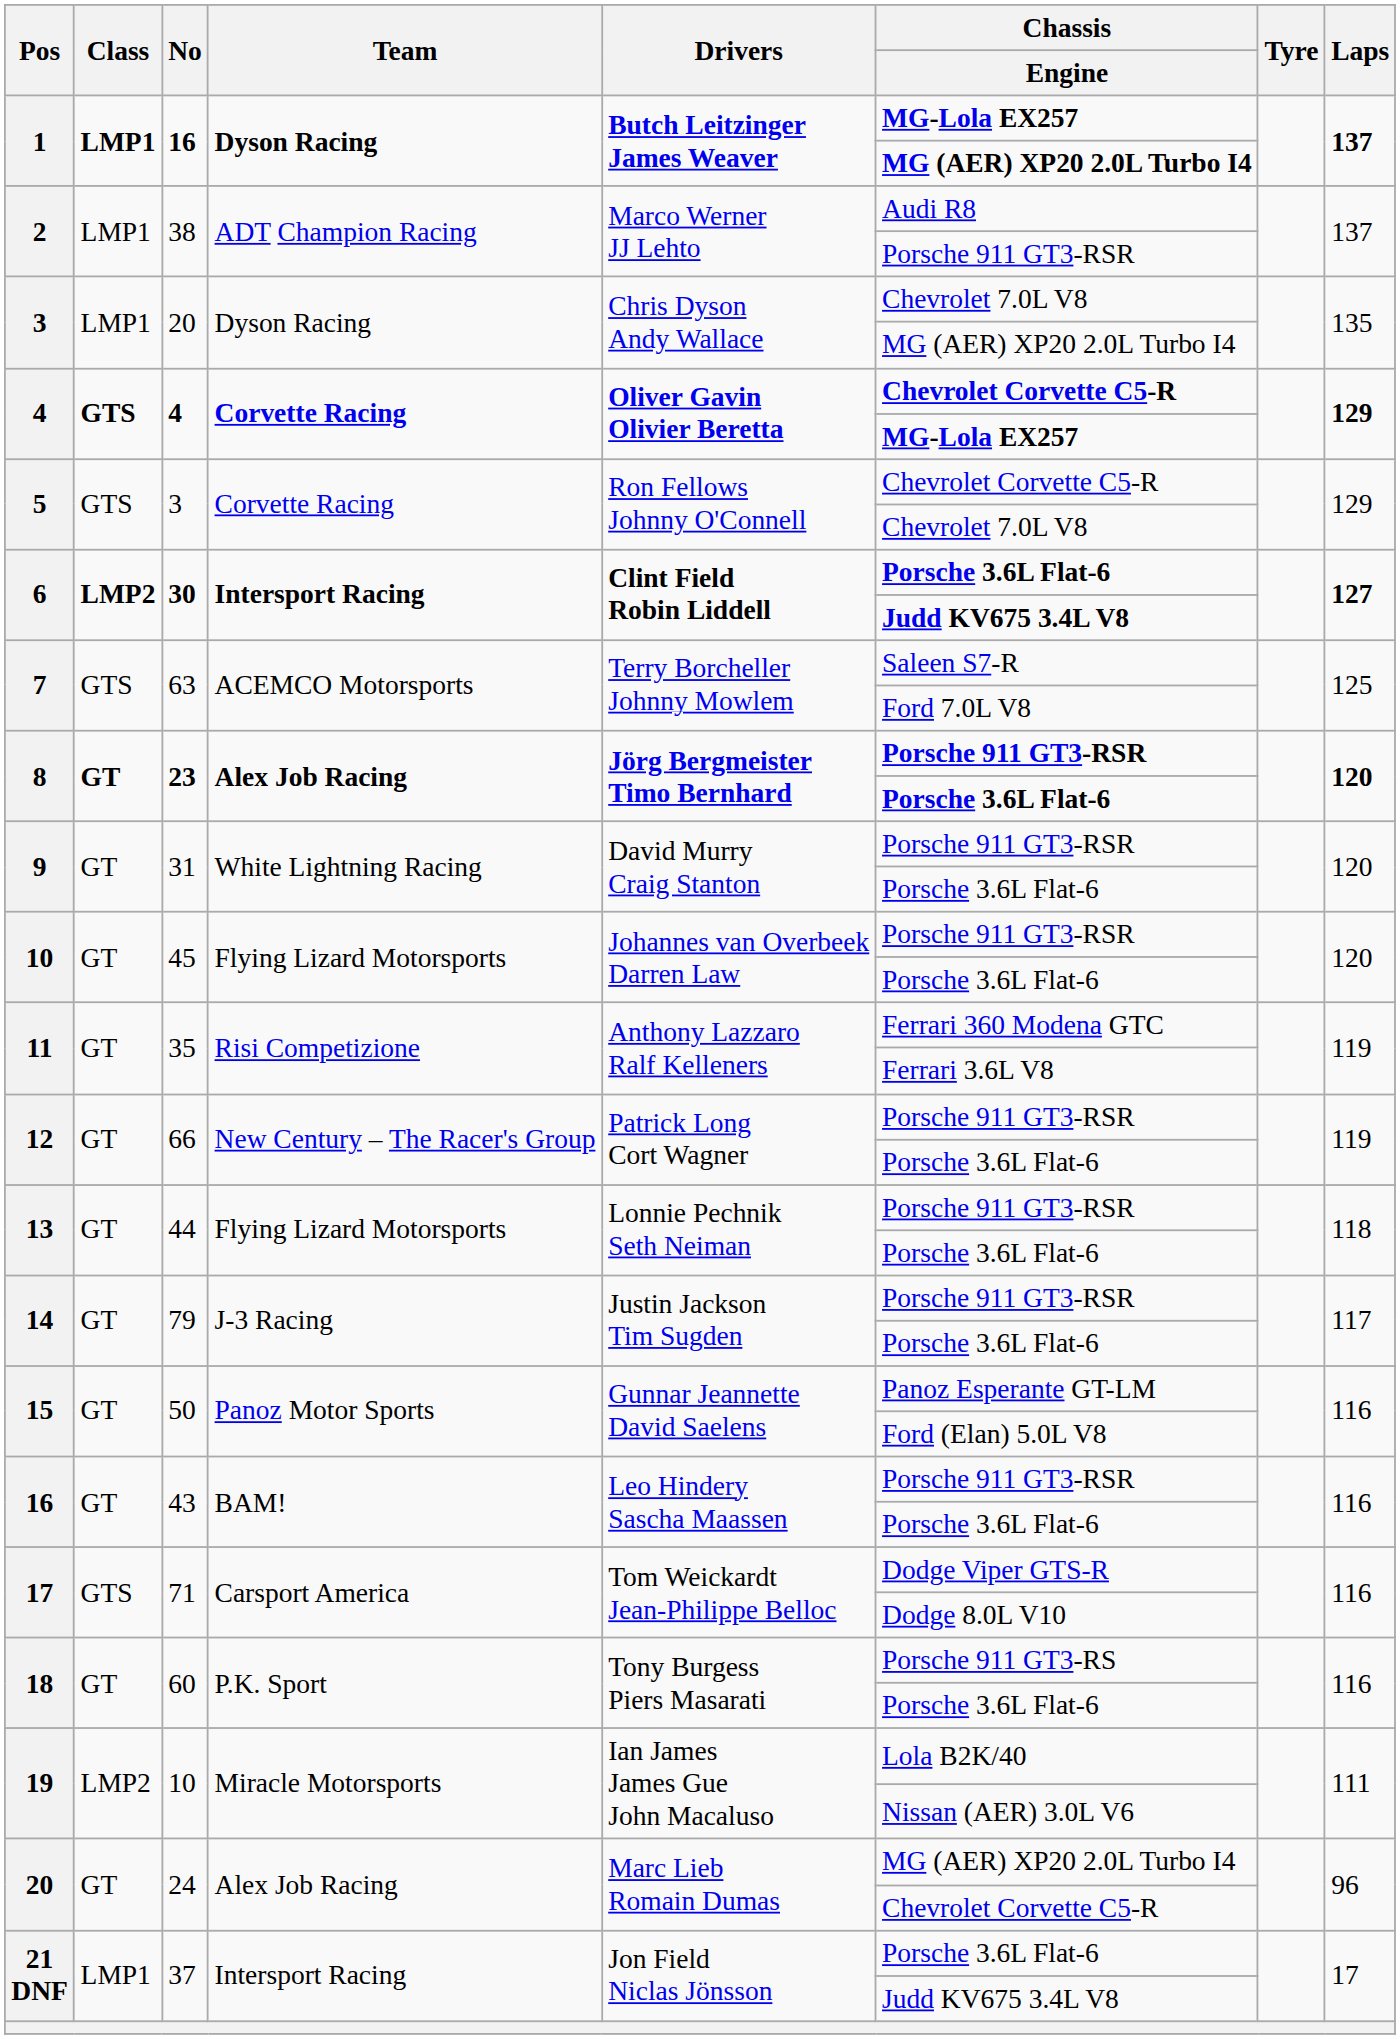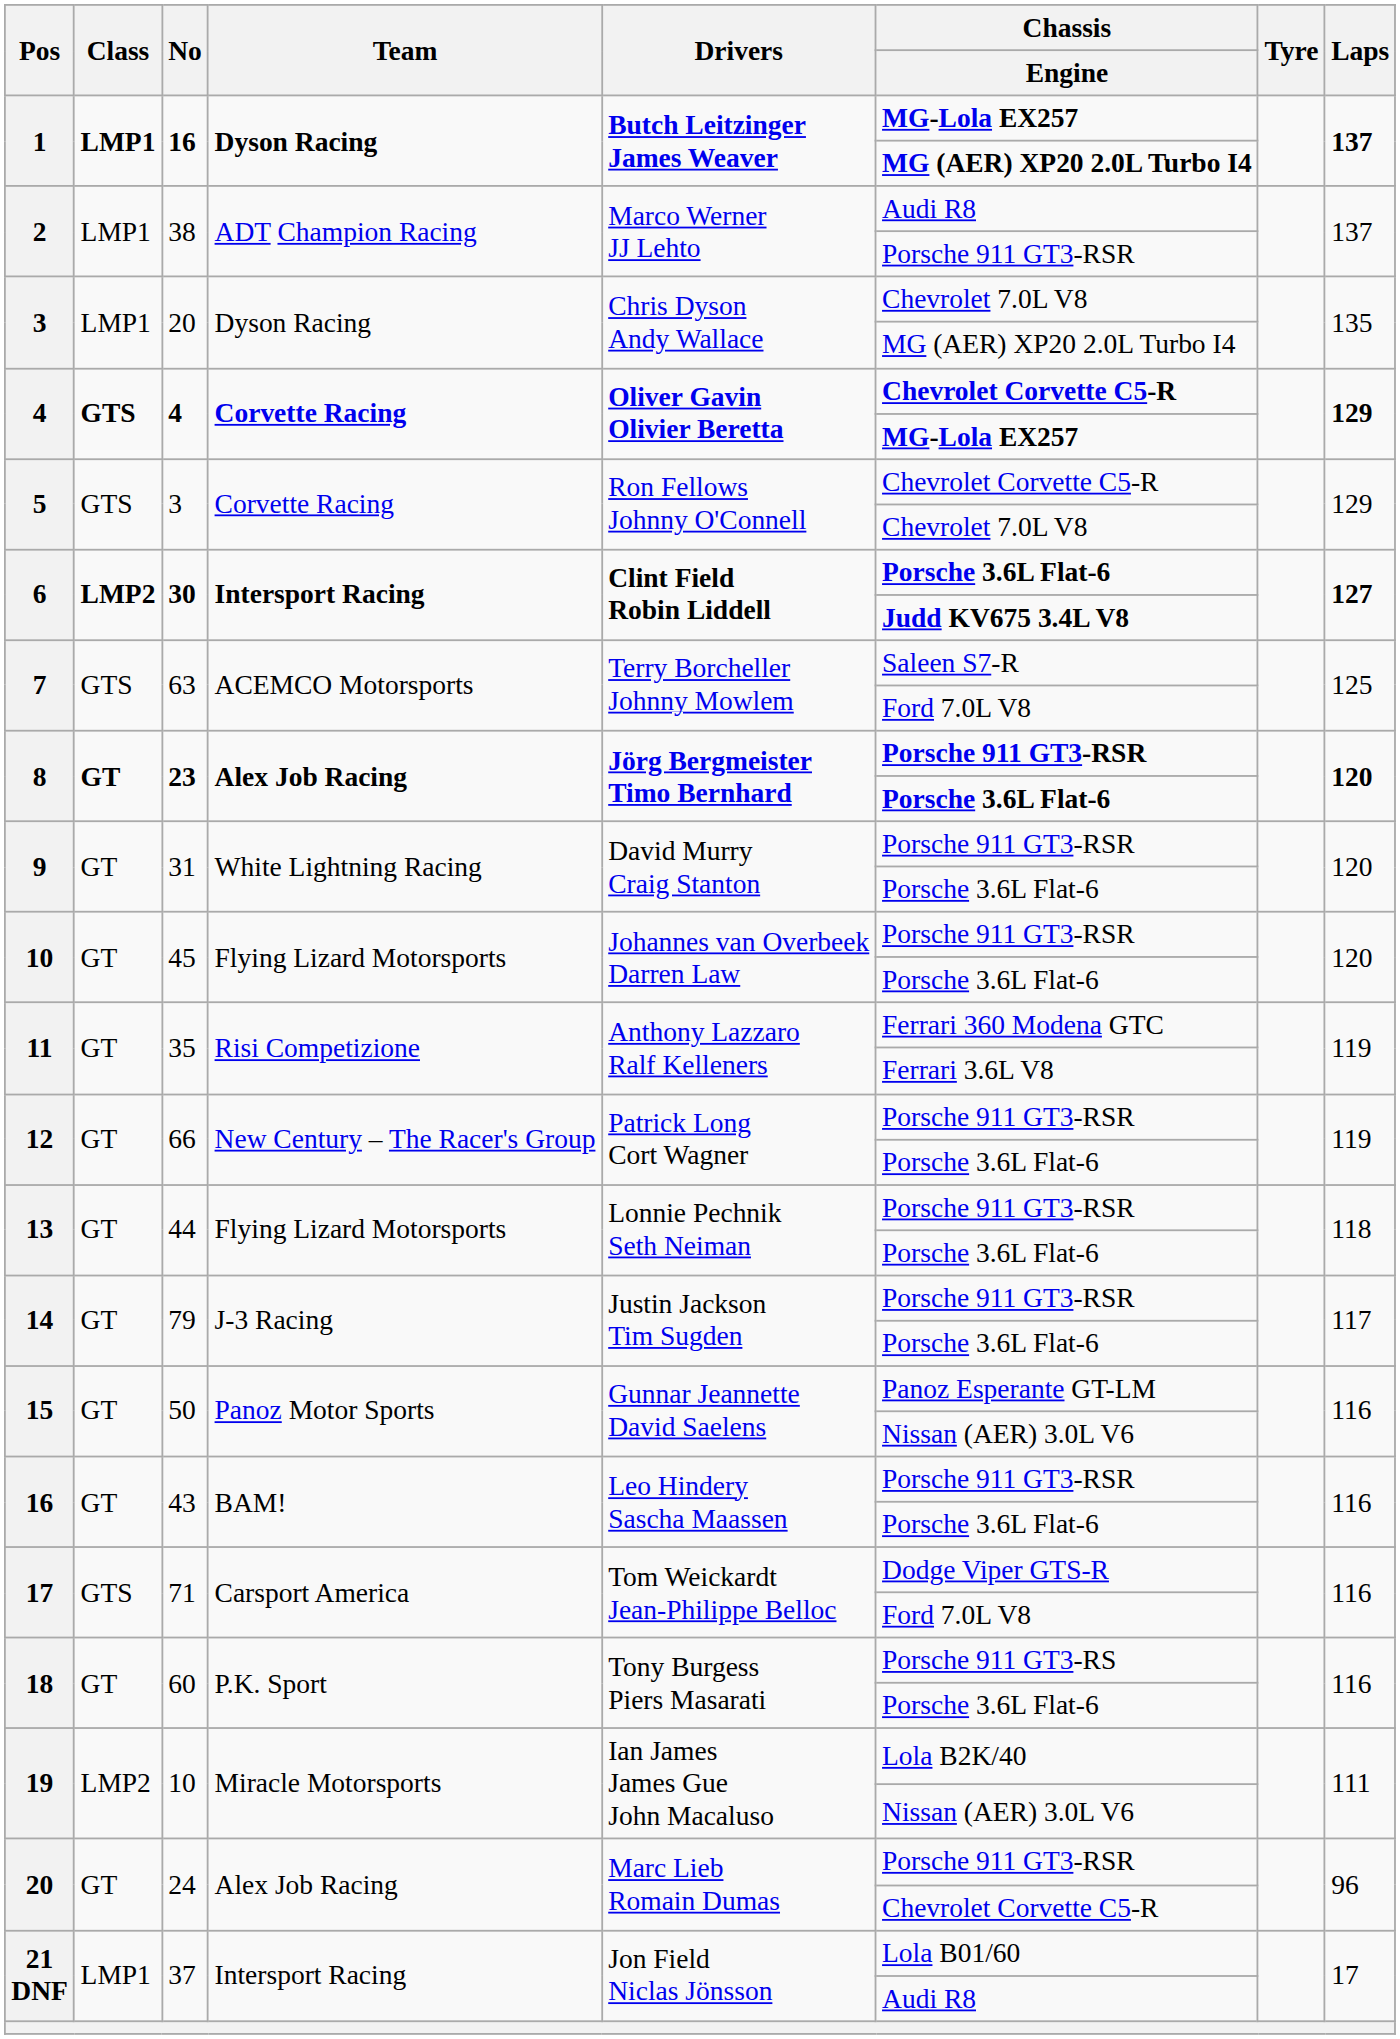 <table class="wikitable" style="font-size: 95%;">
 <tr>
 <th rowspan=2>Pos</th>
 <th rowspan=2>Class</th>
 <th rowspan=2>No</th>
 <th rowspan=2>Team</th>
 <th rowspan=2>Drivers</th>
 <th>Chassis</th>
 <th rowspan=2>Tyre</th>
 <th rowspan=2>Laps</th>
 </tr>
 <tr>
 <th>Engine</th>
 </tr>
 <tr style="font-weight:bold">
 <th rowspan=2>1</th>
 <td rowspan=2>LMP1</td>
 <td rowspan=2>16</td>
 <td rowspan=2> Dyson Racing</td>
 <td rowspan=2> <a href='#'>Butch Leitzinger</a><br> <a href='#'>James Weaver</a></td>
 <td><a href='#'>MG</a>-<a href='#'>Lola</a> EX257</td>
 <td rowspan=2></td>
 <td rowspan=2>137</td>
 </tr>
 <tr style="font-weight:bold">
 <td><a href='#'>MG</a> (AER) XP20 2.0L Turbo I4</td>
 </tr>
 <tr>
 <th rowspan=2>2</th>
 <td rowspan=2>LMP1</td>
 <td rowspan=2>38</td>
 <td rowspan=2> <a href='#'>ADT</a> <a href='#'>Champion Racing</a></td>
 <td rowspan=2> <a href='#'>Marco Werner</a><br> <a href='#'>JJ Lehto</a></td>
 <td><a href='#'>Audi R8</a></td>
 <td rowspan=2></td>
 <td rowspan=2>137</td>
 </tr>
 <tr>
 <td><a href='#'>Porsche 911 GT3</a>-RSR</td>
 </tr>
 <tr>
 <th rowspan=2>3</th>
 <td rowspan=2>LMP1</td>
 <td rowspan=2>20</td>
 <td rowspan=2> Dyson Racing</td>
 <td rowspan=2> <a href='#'>Chris Dyson</a><br> <a href='#'>Andy Wallace</a></td>
 <td><a href='#'>Chevrolet</a> 7.0L V8</td>
 <td rowspan=2></td>
 <td rowspan=2>135</td>
 </tr>
 <tr>
 <td><a href='#'>MG</a> (AER) XP20 2.0L Turbo I4</td>
 </tr>
 <tr style="font-weight:bold">
 <th rowspan=2>4</th>
 <td rowspan=2>GTS</td>
 <td rowspan=2>4</td>
 <td rowspan=2> <a href='#'>Corvette Racing</a></td>
 <td rowspan=2> <a href='#'>Oliver Gavin</a><br> <a href='#'>Olivier Beretta</a></td>
 <td><a href='#'>Chevrolet Corvette C5</a>-R</td>
 <td rowspan=2></td>
 <td rowspan=2>129</td>
 </tr>
 <tr style="font-weight:bold">
 <td><a href='#'>MG</a>-<a href='#'>Lola</a> EX257</td>
 </tr>
 <tr>
 <th rowspan=2>5</th>
 <td rowspan=2>GTS</td>
 <td rowspan=2>3</td>
 <td rowspan=2> <a href='#'>Corvette Racing</a></td>
 <td rowspan=2> <a href='#'>Ron Fellows</a><br> <a href='#'>Johnny O'Connell</a></td>
 <td><a href='#'>Chevrolet Corvette C5</a>-R</td>
 <td rowspan=2></td>
 <td rowspan=2>129</td>
 </tr>
 <tr>
 <td><a href='#'>Chevrolet</a> 7.0L V8</td>
 </tr>
 <tr style="font-weight:bold">
 <th rowspan=2>6</th>
 <td rowspan=2>LMP2</td>
 <td rowspan=2>30</td>
 <td rowspan=2> Intersport Racing</td>
 <td rowspan=2> Clint Field<br> Robin Liddell</td>
 <td><a href='#'>Porsche</a> 3.6L Flat-6</td>
 <td rowspan=2></td>
 <td rowspan=2>127</td>
 </tr>
 <tr style="font-weight:bold">
 <td><a href='#'>Judd</a> KV675 3.4L V8</td>
 </tr>
 <tr>
 <th rowspan=2>7</th>
 <td rowspan=2>GTS</td>
 <td rowspan=2>63</td>
 <td rowspan=2> ACEMCO Motorsports</td>
 <td rowspan=2> <a href='#'>Terry Borcheller</a><br> <a href='#'>Johnny Mowlem</a></td>
 <td><a href='#'>Saleen S7</a>-R</td>
 <td rowspan=2></td>
 <td rowspan=2>125</td>
 </tr>
 <tr>
 <td><a href='#'>Ford</a> 7.0L V8</td>
 </tr>
 <tr style="font-weight:bold">
 <th rowspan=2>8</th>
 <td rowspan=2>GT</td>
 <td rowspan=2>23</td>
 <td rowspan=2> Alex Job Racing</td>
 <td rowspan=2> <a href='#'>Jörg Bergmeister</a><br> <a href='#'>Timo Bernhard</a></td>
 <td><a href='#'>Porsche 911 GT3</a>-RSR</td>
 <td rowspan=2></td>
 <td rowspan=2>120</td>
 </tr>
 <tr style="font-weight:bold">
 <td><a href='#'>Porsche</a> 3.6L Flat-6</td>
 </tr>
 <tr>
 <th rowspan=2>9</th>
 <td rowspan=2>GT</td>
 <td rowspan=2>31</td>
 <td rowspan=2> White Lightning Racing</td>
 <td rowspan=2> David Murry<br> <a href='#'>Craig Stanton</a></td>
 <td><a href='#'>Porsche 911 GT3</a>-RSR</td>
 <td rowspan=2></td>
 <td rowspan=2>120</td>
 </tr>
 <tr>
 <td><a href='#'>Porsche</a> 3.6L Flat-6</td>
 </tr>
 <tr>
 <th rowspan=2>10</th>
 <td rowspan=2>GT</td>
 <td rowspan=2>45</td>
 <td rowspan=2> Flying Lizard Motorsports</td>
 <td rowspan=2> <a href='#'>Johannes van Overbeek</a><br> <a href='#'>Darren Law</a></td>
 <td><a href='#'>Porsche 911 GT3</a>-RSR</td>
 <td rowspan=2></td>
 <td rowspan=2>120</td>
 </tr>
 <tr>
 <td><a href='#'>Porsche</a> 3.6L Flat-6</td>
 </tr>
 <tr>
 <th rowspan=2>11</th>
 <td rowspan=2>GT</td>
 <td rowspan=2>35</td>
 <td rowspan=2> <a href='#'>Risi Competizione</a></td>
 <td rowspan=2> <a href='#'>Anthony Lazzaro</a><br> <a href='#'>Ralf Kelleners</a></td>
 <td><a href='#'>Ferrari 360 Modena</a> GTC</td>
 <td rowspan=2></td>
 <td rowspan=2>119</td>
 </tr>
 <tr>
 <td><a href='#'>Ferrari</a> 3.6L V8</td>
 </tr>
 <tr>
 <th rowspan=2>12</th>
 <td rowspan=2>GT</td>
 <td rowspan=2>66</td>
 <td rowspan=2> <a href='#'>New Century</a> – <a href='#'>The Racer's Group</a></td>
 <td rowspan=2> <a href='#'>Patrick Long</a><br> Cort Wagner</td>
 <td><a href='#'>Porsche 911 GT3</a>-RSR</td>
 <td rowspan=2></td>
 <td rowspan=2>119</td>
 </tr>
 <tr>
 <td><a href='#'>Porsche</a> 3.6L Flat-6</td>
 </tr>
 <tr>
 <th rowspan=2>13</th>
 <td rowspan=2>GT</td>
 <td rowspan=2>44</td>
 <td rowspan=2> Flying Lizard Motorsports</td>
 <td rowspan=2> Lonnie Pechnik<br> <a href='#'>Seth Neiman</a></td>
 <td><a href='#'>Porsche 911 GT3</a>-RSR</td>
 <td rowspan=2></td>
 <td rowspan=2>118</td>
 </tr>
 <tr>
 <td><a href='#'>Porsche</a> 3.6L Flat-6</td>
 </tr>
 <tr>
 <th rowspan=2>14</th>
 <td rowspan=2>GT</td>
 <td rowspan=2>79</td>
 <td rowspan=2> J-3 Racing</td>
 <td rowspan=2> Justin Jackson<br> <a href='#'>Tim Sugden</a></td>
 <td><a href='#'>Porsche 911 GT3</a>-RSR</td>
 <td rowspan=2></td>
 <td rowspan=2>117</td>
 </tr>
 <tr>
 <td><a href='#'>Porsche</a> 3.6L Flat-6</td>
 </tr>
 <tr>
 <th rowspan=2>15</th>
 <td rowspan=2>GT</td>
 <td rowspan=2>50</td>
 <td rowspan=2> <a href='#'>Panoz</a> Motor Sports</td>
 <td rowspan=2> <a href='#'>Gunnar Jeannette</a><br> <a href='#'>David Saelens</a></td>
 <td><a href='#'>Panoz Esperante</a> GT-LM</td>
 <td rowspan=2></td>
 <td rowspan=2>116</td>
 </tr>
 <tr>
-<td><a href='#'>Ford</a> (Elan) 5.0L V8</td>
+<td><a href='#'>Nissan</a> (AER) 3.0L V6</td>
 </tr>
 <tr>
 <th rowspan=2>16</th>
 <td rowspan=2>GT</td>
 <td rowspan=2>43</td>
 <td rowspan=2> BAM!</td>
 <td rowspan=2> <a href='#'>Leo Hindery</a><br> <a href='#'>Sascha Maassen</a></td>
 <td><a href='#'>Porsche 911 GT3</a>-RSR</td>
 <td rowspan=2></td>
 <td rowspan=2>116</td>
 </tr>
 <tr>
 <td><a href='#'>Porsche</a> 3.6L Flat-6</td>
 </tr>
 <tr>
 <th rowspan=2>17</th>
 <td rowspan=2>GTS</td>
 <td rowspan=2>71</td>
 <td rowspan=2> Carsport America</td>
 <td rowspan=2> Tom Weickardt<br> <a href='#'>Jean-Philippe Belloc</a></td>
 <td><a href='#'>Dodge Viper GTS-R</a></td>
 <td rowspan=2></td>
 <td rowspan=2>116</td>
 </tr>
 <tr>
-<td><a href='#'>Dodge</a> 8.0L V10</td>
+<td><a href='#'>Ford</a> 7.0L V8</td>
 </tr>
 <tr>
 <th rowspan=2>18</th>
 <td rowspan=2>GT</td>
 <td rowspan=2>60</td>
 <td rowspan=2> P.K. Sport</td>
 <td rowspan=2> Tony Burgess<br> Piers Masarati</td>
 <td><a href='#'>Porsche 911 GT3</a>-RS</td>
 <td rowspan=2></td>
 <td rowspan=2>116</td>
 </tr>
 <tr>
 <td><a href='#'>Porsche</a> 3.6L Flat-6</td>
 </tr>
 <tr>
 <th rowspan=2>19</th>
 <td rowspan=2>LMP2</td>
 <td rowspan=2>10</td>
 <td rowspan=2> Miracle Motorsports</td>
 <td rowspan=2> Ian James<br> James Gue<br> John Macaluso</td>
 <td><a href='#'>Lola</a> B2K/40</td>
 <td rowspan=2></td>
 <td rowspan=2>111</td>
 </tr>
 <tr>
 <td><a href='#'>Nissan</a> (AER) 3.0L V6</td>
 </tr>
 <tr>
 <th rowspan=2>20</th>
 <td rowspan=2>GT</td>
 <td rowspan=2>24</td>
 <td rowspan=2> Alex Job Racing</td>
 <td rowspan=2> <a href='#'>Marc Lieb</a><br> <a href='#'>Romain Dumas</a></td>
-<td><a href='#'>MG</a> (AER) XP20 2.0L Turbo I4</td>
+<td><a href='#'>Porsche 911 GT3</a>-RSR</td>
 <td rowspan=2></td>
 <td rowspan=2>96</td>
 </tr>
 <tr>
 <td><a href='#'>Chevrolet Corvette C5</a>-R</td>
 </tr>
 <tr>
 <th rowspan=2>21<br>DNF</th>
 <td rowspan=2>LMP1</td>
 <td rowspan=2>37</td>
 <td rowspan=2> Intersport Racing</td>
 <td rowspan=2> Jon Field<br> <a href='#'>Niclas Jönsson</a></td>
-<td><a href='#'>Porsche</a> 3.6L Flat-6</td>
+<td><a href='#'>Lola</a> B01/60</td>
 <td rowspan=2></td>
 <td rowspan=2>17</td>
 </tr>
 <tr>
-<td><a href='#'>Judd</a> KV675 3.4L V8</td>
+<td><a href='#'>Audi R8</a></td>
 </tr>
 <tr>
 <th colspan=8> </th>
 </tr>
 </table>
